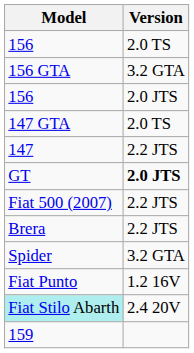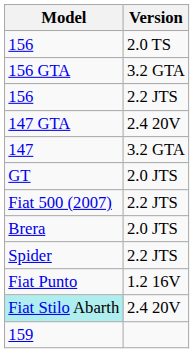 <table class="wikitable">
 <tr>
 <th>Model</th>
 <th>Version</th>
 </tr>
 <tr>
 <td><a href='#'>156</a></td>
 <td>2.0 TS</td>
 </tr>
 <tr>
 <td><a href='#'>156 GTA</a></td>
 <td>3.2 GTA</td>
 </tr>
 <tr>
 <td><a href='#'>156</a></td>
-<td>2.0 JTS</td>
+<td>2.2 JTS</td>
 </tr>
 <tr>
 <td><a href='#'>147 GTA</a></td>
-<td>2.0 TS</td>
+<td>2.4 20V</td>
 </tr>
 <tr>
 <td><a href='#'>147</a></td>
-<td>2.2 JTS</td>
+<td>3.2 GTA</td>
 </tr>
 <tr>
 <td><a href='#'>GT</a></td>
-<td><strong>2.0 JTS</strong></td>
+<td>2.0 JTS</td>
 </tr>
 <tr>
 <td><a href='#'>Fiat 500 (2007)</a></td>
 <td>2.2 JTS</td>
 </tr>
 <tr>
 <td><a href='#'>Brera</a></td>
-<td>2.2 JTS</td>
+<td>2.0 JTS</td>
 </tr>
 <tr>
 <td><a href='#'>Spider</a></td>
-<td>3.2 GTA</td>
+<td>2.2 JTS</td>
 </tr>
 <tr>
 <td><a href='#'>Fiat Punto</a></td>
 <td>1.2 16V</td>
 </tr>
 <tr>
 <td style="background: paleturquoise;"><a href='#'>Fiat Stilo</a> Abarth</td>
 <td>2.4 20V</td>
 </tr>
 <tr>
 <td><a href='#'>159</a></td>
 <td></td>
 </tr>
 </table>
